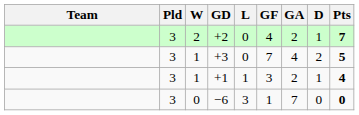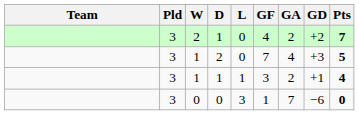 <table class="wikitable" style="text-align:center;">
 <tr>
 <th width=180>Team</th>
 <th width=20>Pld</th>
 <th width=20>W</th>
-<th width=20>GD</th>
+<th width=20>D</th>
 <th width=20>L</th>
 <th width=20>GF</th>
 <th width=20>GA</th>
-<th width=20>D</th>
+<th width=20>GD</th>
 <th width=20>Pts</th>
 </tr>
 <tr bgcolor="#ccffcc">
 <td align="left"><em></em></td>
 <td>3</td>
 <td>2</td>
-<td>+2</td>
+<td>1</td>
 <td>0</td>
 <td>4</td>
 <td>2</td>
-<td>1</td>
+<td>+2</td>
 <td><strong>7</strong></td>
 </tr>
 <tr>
 <td align="left"></td>
 <td>3</td>
 <td>1</td>
-<td>+3</td>
+<td>2</td>
 <td>0</td>
 <td>7</td>
 <td>4</td>
-<td>2</td>
+<td>+3</td>
 <td><strong>5</strong></td>
 </tr>
 <tr>
 <td align="left"></td>
 <td>3</td>
 <td>1</td>
-<td>+1</td>
+<td>1</td>
 <td>1</td>
 <td>3</td>
 <td>2</td>
-<td>1</td>
+<td>+1</td>
 <td><strong>4</strong></td>
 </tr>
 <tr>
 <td align="left"></td>
 <td>3</td>
 <td>0</td>
-<td>−6</td>
+<td>0</td>
 <td>3</td>
 <td>1</td>
 <td>7</td>
-<td>0</td>
+<td>−6</td>
 <td><strong>0</strong></td>
 </tr>
 </table>
